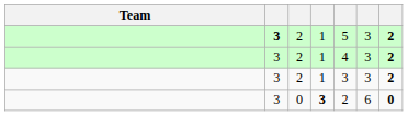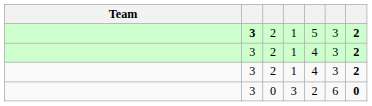 <table class=wikitable style="text-align:center">
 <tr>
 <th width=305>Team</th>
 <th width=20></th>
 <th width=20></th>
 <th width=20></th>
 <th width=20></th>
 <th width=20></th>
 <th width=20></th>
 </tr>
 <tr bgcolor=ccffcc>
 <td style="text-align:left"></td>
 <td><strong>3</strong></td>
 <td>2</td>
 <td>1</td>
 <td>5</td>
 <td>3</td>
 <td><strong>2</strong></td>
 </tr>
 <tr bgcolor=ccffcc>
 <td style="text-align:left"></td>
 <td>3</td>
 <td>2</td>
 <td>1</td>
 <td>4</td>
 <td>3</td>
 <td><strong>2</strong></td>
 </tr>
 <tr>
 <td style="text-align:left"></td>
 <td>3</td>
 <td>2</td>
 <td>1</td>
-<td>3</td>
+<td>4</td>
 <td>3</td>
 <td><strong>2</strong></td>
 </tr>
 <tr>
 <td style="text-align:left"></td>
 <td>3</td>
 <td>0</td>
-<td><strong>3</strong></td>
+<td>3</td>
 <td>2</td>
 <td>6</td>
 <td><strong>0</strong></td>
 </tr>
 </table>
